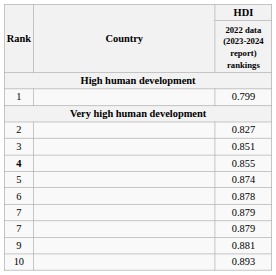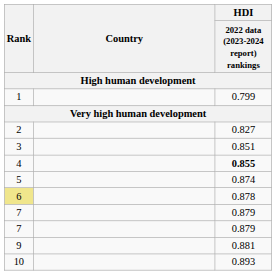 <table class="wikitable sortable" style="text-align:center">
 <tr>
 <th scope="col" rowspan="2">Rank</th>
 <th scope="col" rowspan="2" style="width:17em;">Country</th>
 <th scope="col" colspan="2">HDI</th>
 </tr>
 <tr>
 <th scope="col" style="width:5em;"><small>2022 data (2023-2024 report) rankings</small></th>
 </tr>
 <tr>
 <th scope="row" colspan="4">High human development</th>
 </tr>
 <tr>
 <td>1</td>
 <td style="text-align:left"></td>
 <td>0.799</td>
 </tr>
 <tr>
 <th scope="row" colspan="4">Very high human development</th>
 </tr>
 <tr>
 <td>2</td>
 <td style="text-align:left"></td>
 <td>0.827</td>
 </tr>
 <tr>
 <td>3</td>
 <td style="text-align:left"></td>
 <td>0.851</td>
 </tr>
 <tr>
-<td><strong>4</strong></td>
+<td>4</td>
 <td style="text-align:left"></td>
-<td>0.855</td>
+<td><strong>0.855</strong></td>
 </tr>
 <tr>
 <td>5</td>
 <td style="text-align:left"></td>
 <td>0.874</td>
 </tr>
 <tr>
-<td>6</td>
+<td style="background: khaki;">6</td>
 <td style="text-align:left"></td>
 <td>0.878</td>
 </tr>
 <tr>
 <td>7</td>
 <td style="text-align:left"></td>
 <td>0.879</td>
 </tr>
 <tr>
 <td>7</td>
 <td style="text-align:left"></td>
 <td>0.879</td>
 </tr>
 <tr>
 <td>9</td>
 <td style="text-align:left"></td>
 <td>0.881</td>
 </tr>
 <tr>
 <td>10</td>
 <td style="text-align:left"></td>
 <td>0.893</td>
 </tr>
 </table>
